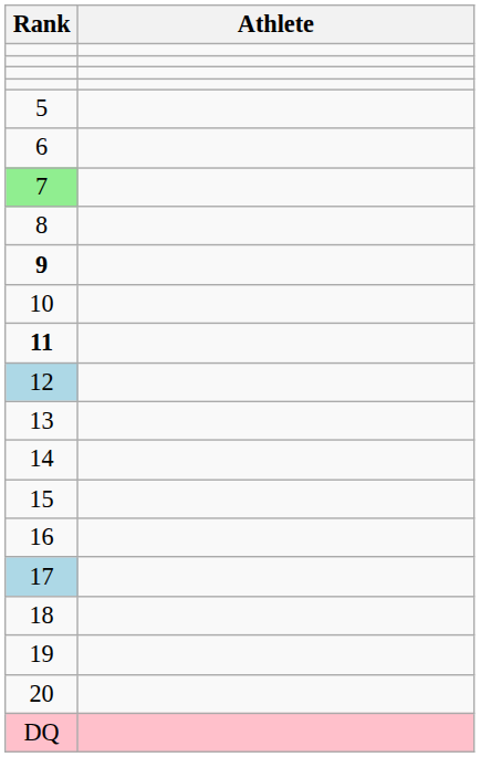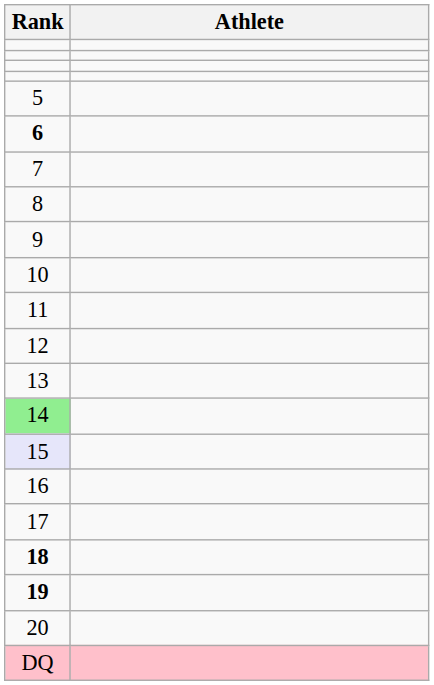 <table class="wikitable" style="text-align: center;">
 <tr>
 <th width=40>Rank</th>
 <th width=250>Athlete</th>
 </tr>
 <tr>
 <td></td>
 <td align="left"></td>
 </tr>
 <tr>
 <td></td>
 <td align="left"></td>
 </tr>
 <tr>
 <td></td>
 <td align="left"></td>
 </tr>
 <tr>
 <td></td>
 <td align="left"></td>
 </tr>
 <tr>
 <td>5</td>
 <td align="left"></td>
 </tr>
 <tr>
-<td>6</td>
+<td><strong>6</strong></td>
 <td align="left"></td>
 </tr>
 <tr>
-<td style="background: lightgreen;">7</td>
+<td>7</td>
 <td align="left"></td>
 </tr>
 <tr>
 <td>8</td>
 <td align="left"></td>
 </tr>
 <tr>
-<td><strong>9</strong></td>
+<td>9</td>
 <td align="left"></td>
 </tr>
 <tr>
 <td>10</td>
 <td align="left"></td>
 </tr>
 <tr>
-<td><strong>11</strong></td>
+<td>11</td>
 <td align="left"></td>
 </tr>
 <tr>
-<td style="background: lightblue;">12</td>
+<td>12</td>
 <td align="left"></td>
 </tr>
 <tr>
 <td>13</td>
 <td align="left"></td>
 </tr>
 <tr>
-<td>14</td>
+<td style="background: lightgreen;">14</td>
 <td align="left"></td>
 </tr>
 <tr>
-<td>15</td>
+<td style="background: lavender;">15</td>
 <td align="left"></td>
 </tr>
 <tr>
 <td>16</td>
 <td align="left"></td>
 </tr>
 <tr>
-<td style="background: lightblue;">17</td>
+<td>17</td>
 <td align="left"></td>
 </tr>
 <tr>
-<td>18</td>
+<td><strong>18</strong></td>
 <td align="left"></td>
 </tr>
 <tr>
-<td>19</td>
+<td><strong>19</strong></td>
 <td align="left"></td>
 </tr>
 <tr>
 <td>20</td>
 <td align="left"></td>
 </tr>
 <tr bgcolor=pink>
 <td>DQ</td>
 <td align="left"></td>
 </tr>
 </table>
